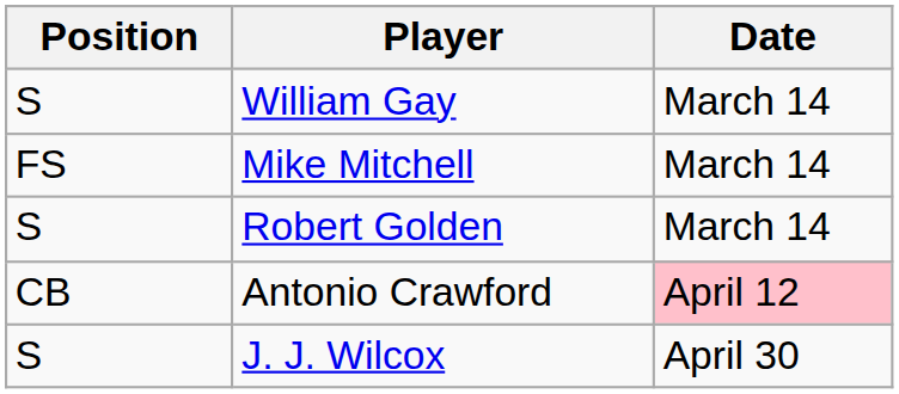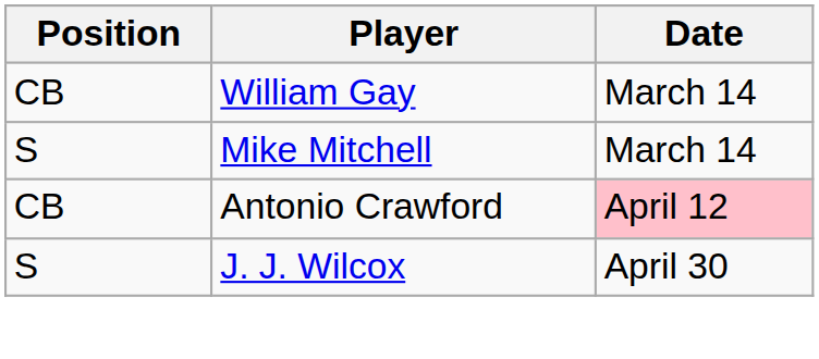 <table class="wikitable" style="width:28%">
 <tr style="text-align:center; background:#ddd">
 <th>Position</th>
 <th>Player</th>
 <th>Date</th>
 </tr>
 <tr>
-<td><div>S</div></td>
+<td><div>CB</div></td>
 <td><div><a href='#'>William Gay</a></div></td>
 <td><div>March 14</div></td>
 </tr>
 <tr>
-<td><div>FS</div></td>
+<td><div>S</div></td>
 <td><div><a href='#'>Mike Mitchell</a></div></td>
-<td><div>March 14</div></td>
-</tr>
-<tr>
-<td><div>S</div></td>
-<td><div><a href='#'>Robert Golden</a></div></td>
 <td><div>March 14</div></td>
 </tr>
 <tr>
 <td><div>CB</div></td>
 <td><div>Antonio Crawford</div></td>
 <td style="background: pink;"><div>April 12</div></td>
 </tr>
 <tr>
 <td><div>S</div></td>
 <td><div><a href='#'>J. J. Wilcox</a></div></td>
 <td><div>April 30</div></td>
 </tr>
 </table>
